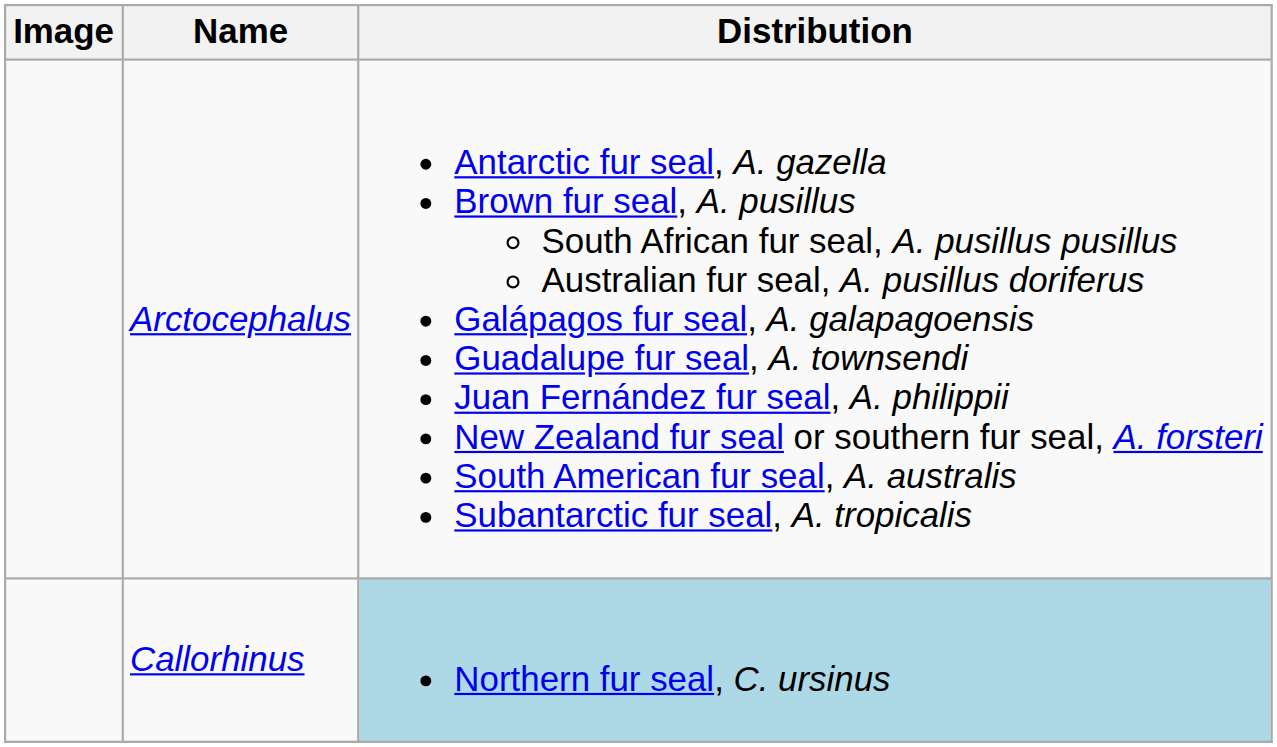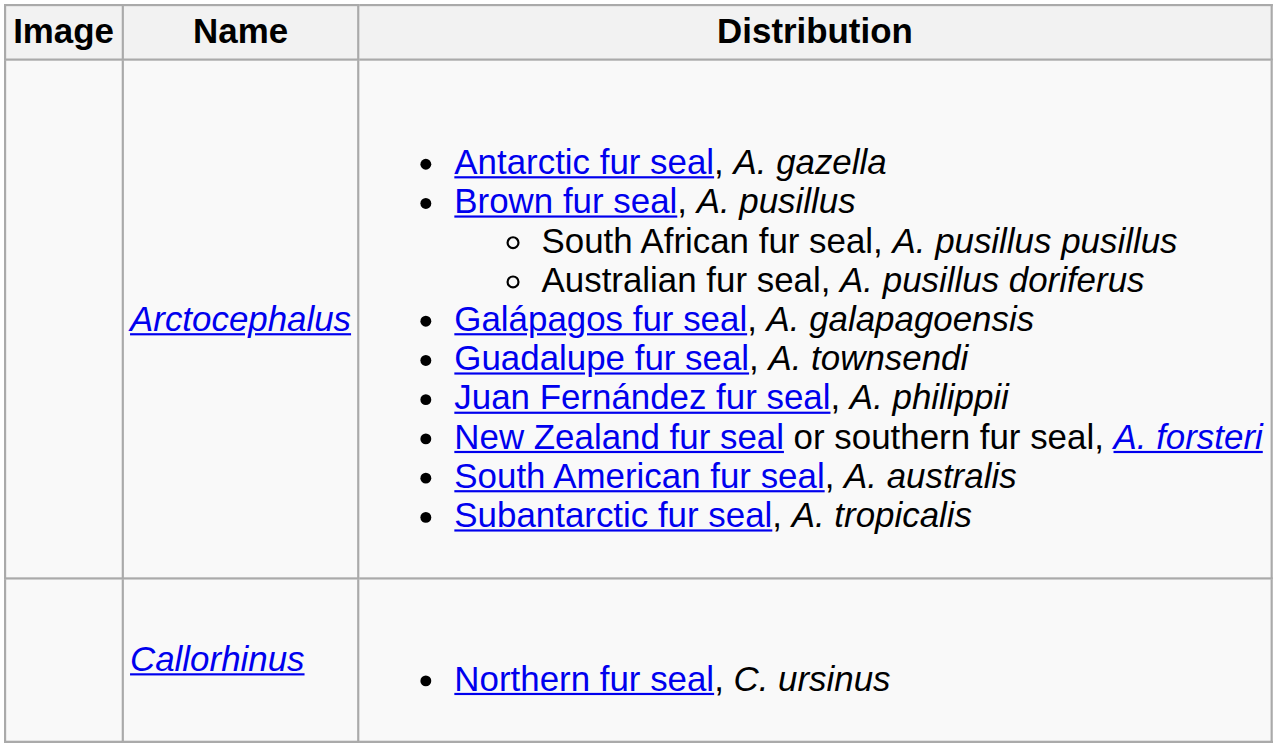 <table class="wikitable">
 <tr>
 <th>Image</th>
 <th>Name</th>
 <th>Distribution</th>
 </tr>
 <tr>
 <td></td>
 <td><em><a href='#'>Arctocephalus</a></em> </td>
 <td><br><ul><li><a href='#'>Antarctic fur seal</a>, <em>A. gazella</em></li><li><a href='#'>Brown fur seal</a>, <em>A. pusillus</em><ul><li>South African fur seal, <em>A. pusillus pusillus</em></li><li>Australian fur seal, <em>A. pusillus doriferus</em></li></ul></li><li><a href='#'>Galápagos fur seal</a>, <em>A. galapagoensis</em></li><li><a href='#'>Guadalupe fur seal</a>, <em>A. townsendi</em></li><li><a href='#'>Juan Fernández fur seal</a>, <em>A. philippii</em></li><li><a href='#'>New Zealand fur seal</a> or southern fur seal, <em><a href='#'>A. forsteri</a></em></li><li><a href='#'>South American fur seal</a>, <em>A. australis</em></li><li><a href='#'>Subantarctic fur seal</a>, <em>A. tropicalis</em></li></ul></td>
 </tr>
 <tr>
 <td></td>
 <td><em><a href='#'>Callorhinus</a></em> </td>
-<td style="background: lightblue;"><br><ul><li><a href='#'>Northern fur seal</a>, <em>C. ursinus</em></li></ul></td>
+<td><br><ul><li><a href='#'>Northern fur seal</a>, <em>C. ursinus</em></li></ul></td>
 </tr>
 <tr>
 </tr>
 </table>
